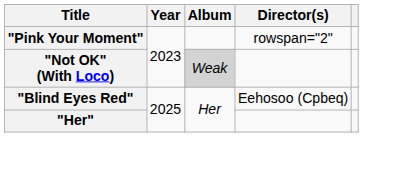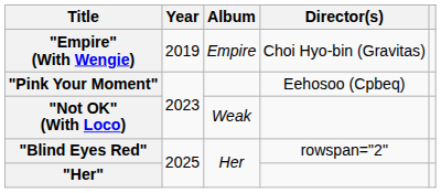 <table class="wikitable plainrowheaders" style="text-align:center; table-layout:fixed; margin-right:0">
 <tr>
 <th scope="col">Title</th>
 <th scope="col">Year</th>
 <th scope="col">Album</th>
 <th scope="col">Director(s)</th>
 <th></th>
 </tr>
 <tr>
+<th scope="row">"Empire" <br>(With <a href='#'>Wengie</a>)</th>
+<td>2019</td>
+<td><em>Empire</em></td>
+<td>Choi Hyo-bin (Gravitas)</td>
+<td></td>
+</tr>
+<tr>
 <th scope="row">"Pink Your Moment"</th>
 <td rowspan="2">2023</td>
 <td></td>
-<td>rowspan="2" </td>
+<td>Eehosoo (Cpbeq)</td>
 <td></td>
 </tr>
 <tr>
 <th scope="row">"Not OK" <br>(With <a href='#'>Loco</a>)</th>
-<td style="background: lightgrey;"><em>Weak</em></td>
+<td><em>Weak</em></td>
 <td></td>
 </tr>
 <tr>
 <th scope="row">"Blind Eyes Red"</th>
 <td rowspan="2">2025</td>
 <td rowspan="2"><em>Her</em></td>
-<td>Eehosoo (Cpbeq)</td>
+<td>rowspan="2" </td>
 <td></td>
 </tr>
 <tr>
 <th scope="row">"Her"</th>
 <td></td>
 <td></td>
 </tr>
 </table>
